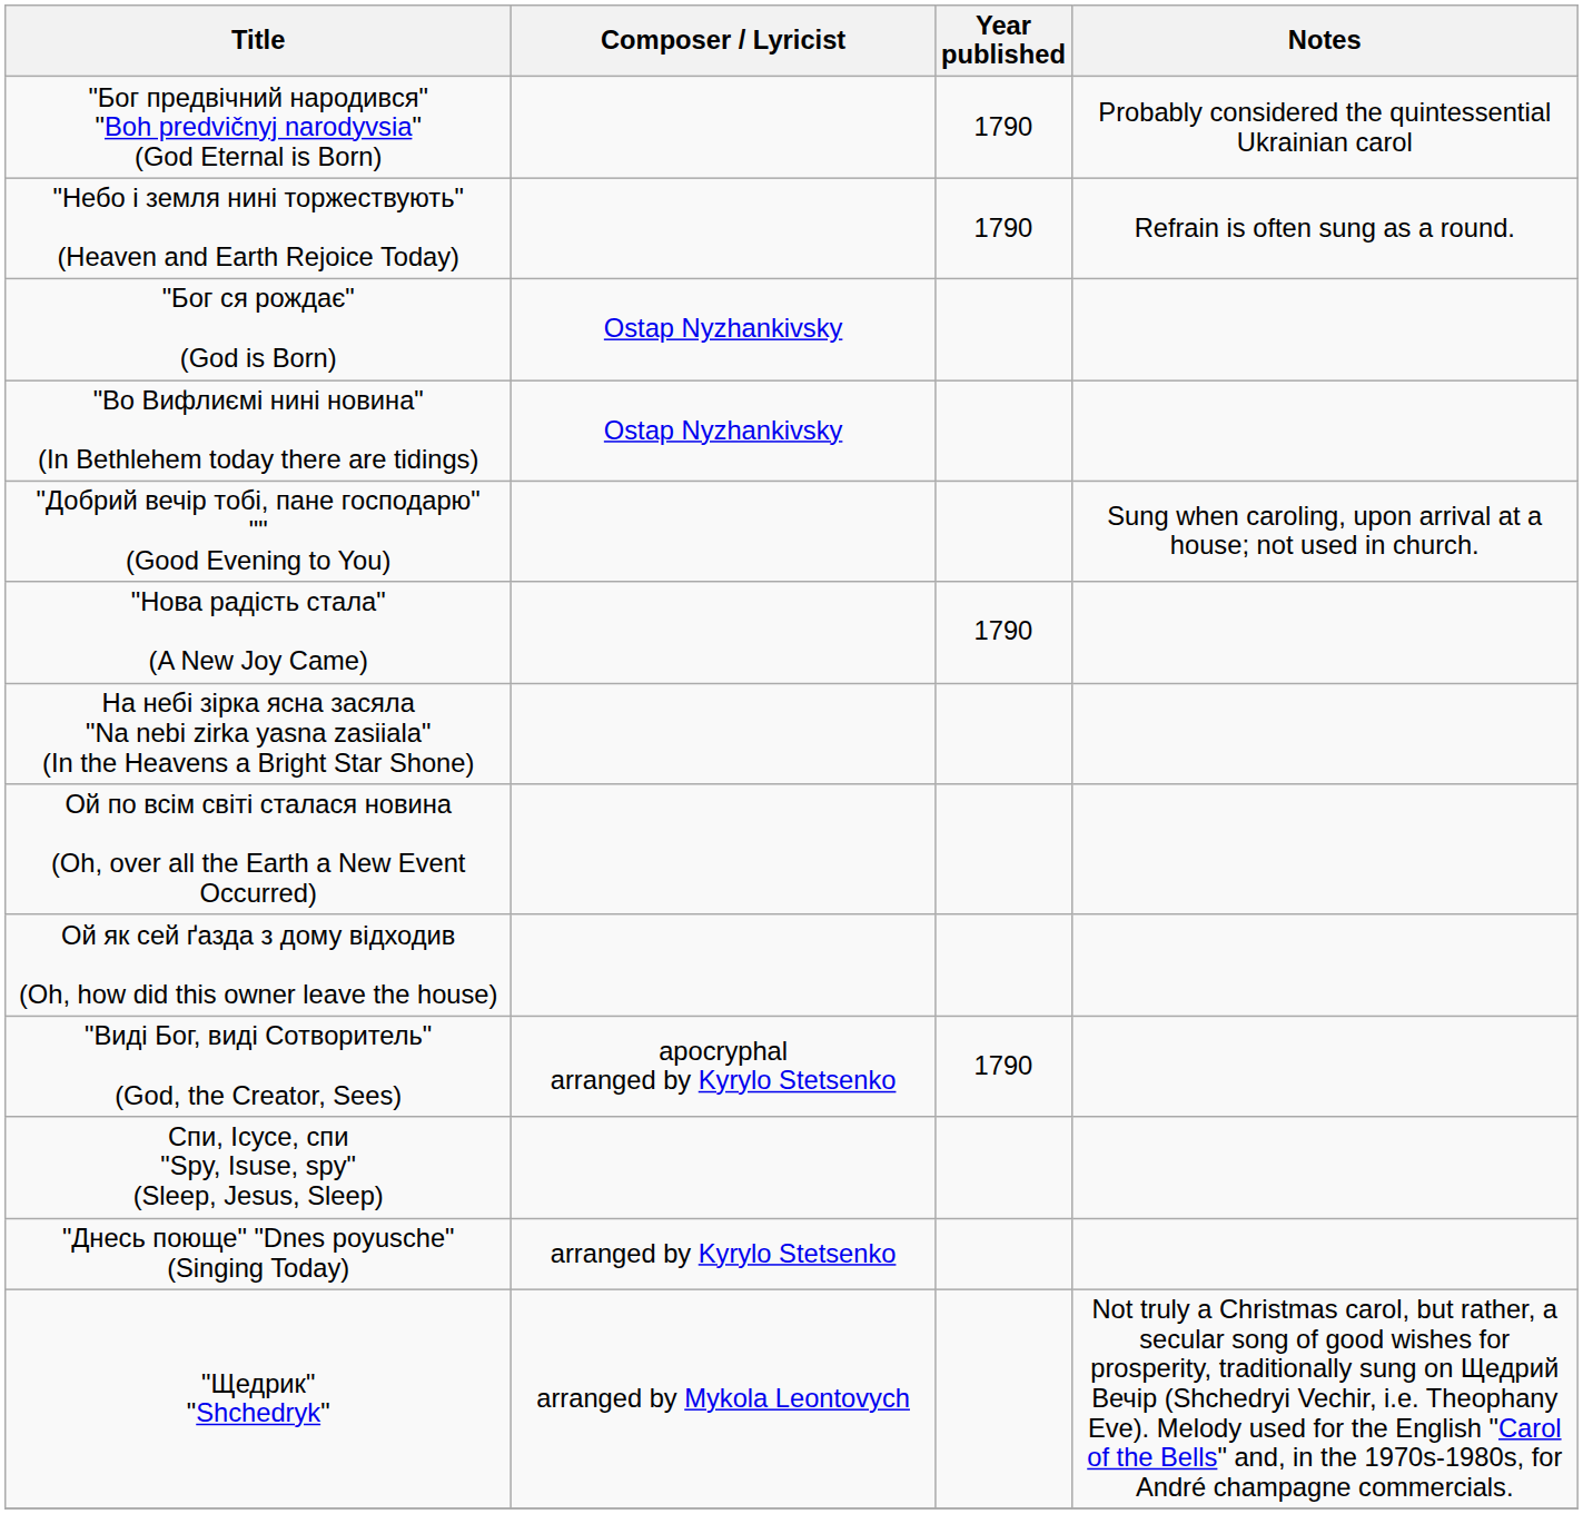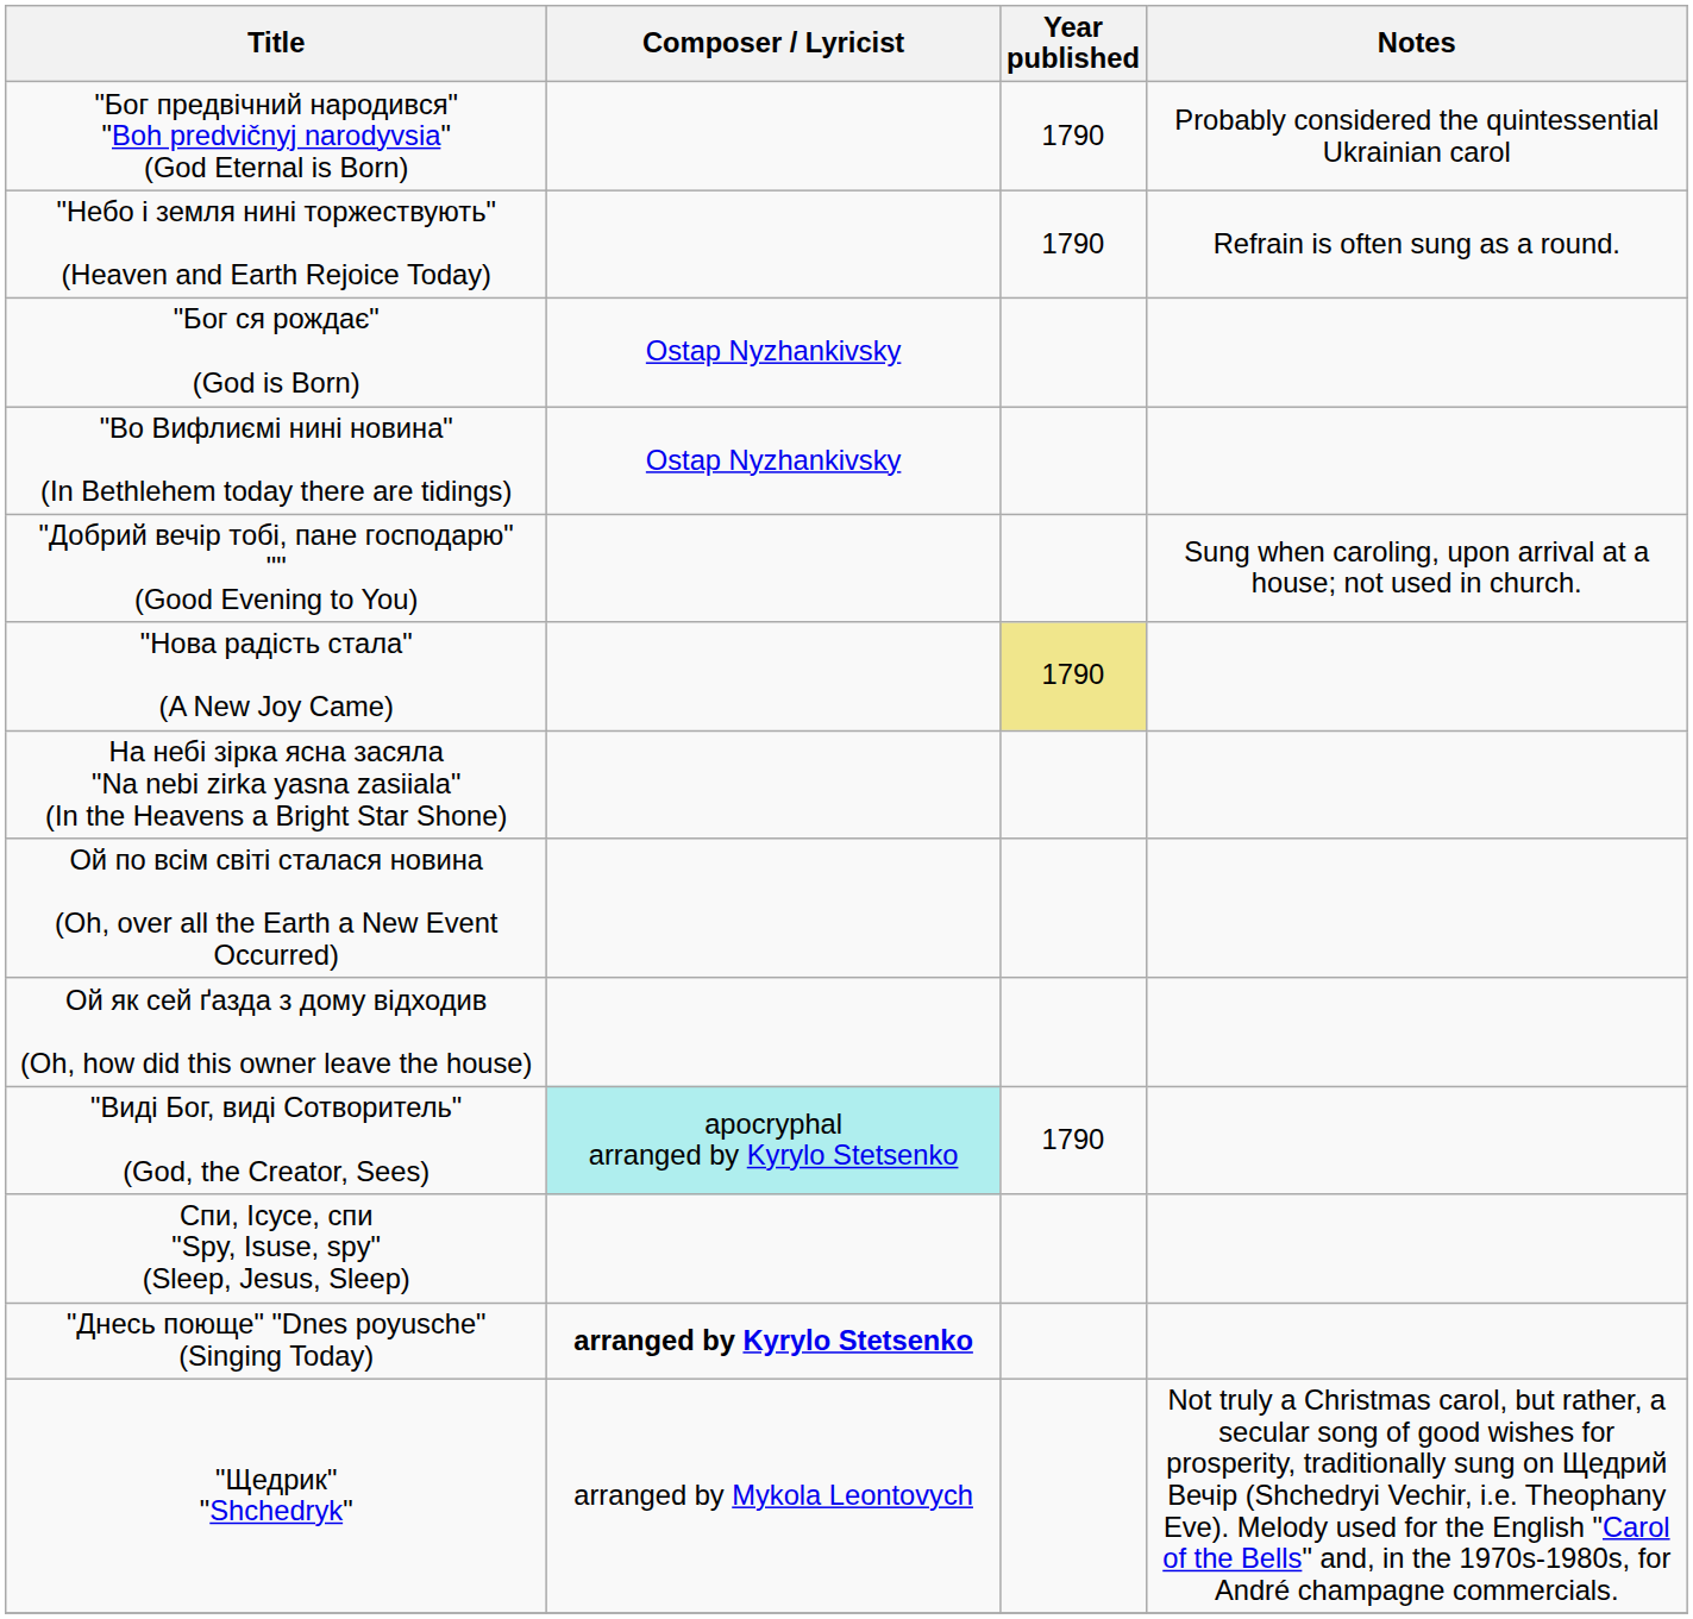 <table class="wikitable" style="text-align:center;">
 <tr>
 <th width="300">Title</th>
 <th width="250">Composer / Lyricist</th>
 <th width="30">Year published</th>
 <th width="300">Notes</th>
 </tr>
 <tr>
 <td>"Бог предвічний народився" <br> "<a href='#'>Boh predvičnyj narodyvsia</a>" <br> (God Eternal is Born)</td>
 <td></td>
 <td>1790</td>
 <td>Probably considered the quintessential Ukrainian carol</td>
 </tr>
 <tr>
 <td>"Небо і земля нині торжествують" <br>  <br> (Heaven and Earth Rejoice Today)</td>
 <td></td>
 <td>1790</td>
 <td>Refrain is often sung as a round. <br></td>
 </tr>
 <tr>
 <td>"Бог ся рождає" <br>  <br> (God is Born)</td>
 <td><a href='#'>Ostap Nyzhankivsky</a></td>
 <td></td>
 <td></td>
 </tr>
 <tr>
 <td>"Во Вифлиємі нині новина" <br>  <br> (In Bethlehem today there are tidings)</td>
 <td><a href='#'>Ostap Nyzhankivsky</a></td>
 <td></td>
 <td></td>
 </tr>
 <tr>
 <td>"Добрий вечір тобі, пане господарю" <br> "<em></em>" <br> (Good Evening to You)</td>
 <td></td>
 <td></td>
 <td>Sung when caroling, upon arrival at a house; not used in church.</td>
 </tr>
 <tr>
 <td>"Нова радість стала" <br>  <br> (A New Joy Came)</td>
 <td></td>
-<td>1790</td>
+<td style="background: khaki;">1790</td>
 <td></td>
 </tr>
 <tr>
 <td>На небі зірка ясна засяла <br> "Na nebi zirka yasna zasiiala" <br> (In the Heavens a Bright Star Shone)</td>
 <td></td>
 <td></td>
 <td></td>
 </tr>
 <tr>
 <td>Ой по всім світі сталася новина<br><br> (Oh, over all the Earth a New Event Occurred)</td>
 <td></td>
 <td></td>
 <td></td>
 </tr>
 <tr>
 <td>Ой як сей ґазда з дому відходив<br><br> (Oh, how did this owner leave the house)</td>
 <td></td>
 <td></td>
 <td></td>
 </tr>
 <tr>
 <td>"Виді Бог, виді Сотворитель" <br>  <br> (God, the Creator, Sees)</td>
-<td>apocryphal <br> arranged by <a href='#'>Kyrylo Stetsenko</a></td>
+<td style="background: paleturquoise;">apocryphal <br> arranged by <a href='#'>Kyrylo Stetsenko</a></td>
 <td>1790</td>
 <td></td>
 </tr>
 <tr>
 <td>Спи, Ісусе, спи <br> "Spy, Isuse, spy" <br> (Sleep, Jesus, Sleep)</td>
 <td></td>
 <td></td>
 <td></td>
 </tr>
 <tr>
 <td>"Днесь поюще" "Dnes poyusche" (Singing Today)</td>
-<td>arranged by <a href='#'>Kyrylo Stetsenko</a></td>
+<td><strong>arranged by <a href='#'>Kyrylo Stetsenko</a></strong></td>
 <td></td>
 <td></td>
 </tr>
 <tr>
 <td>"Щедрик" <br> "<a href='#'>Shchedryk</a>"</td>
 <td>arranged by <a href='#'>Mykola Leontovych</a></td>
 <td></td>
 <td>Not truly a Christmas carol, but rather, a secular song of good wishes for prosperity, traditionally sung on Щедрий Вечір (Shchedryi Vechir, i.e. Theophany Eve). Melody used for the English "<a href='#'>Carol of the Bells</a>" and, in the 1970s-1980s, for André champagne commercials.</td>
 </tr>
 <tr>
 </tr>
 </table>
